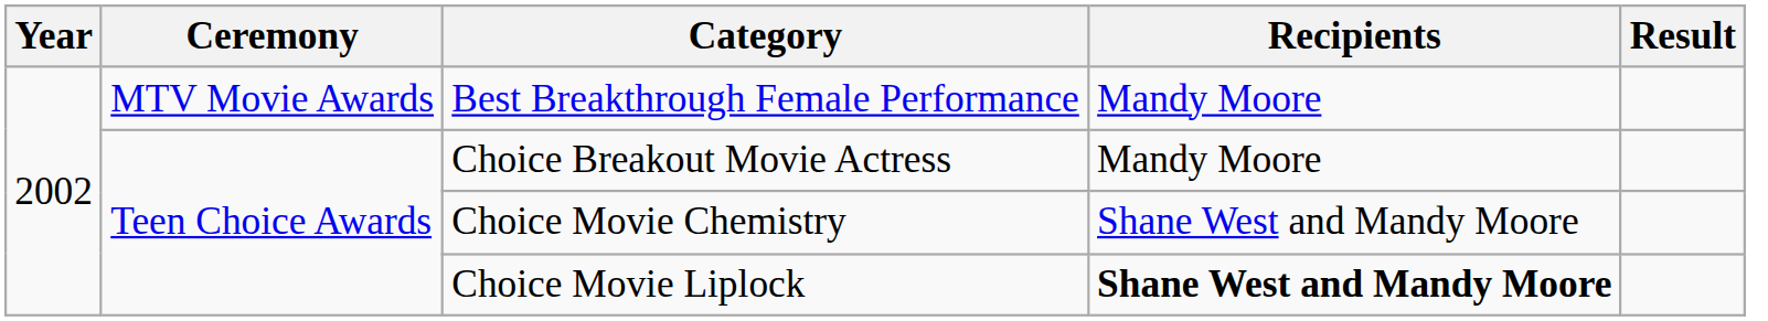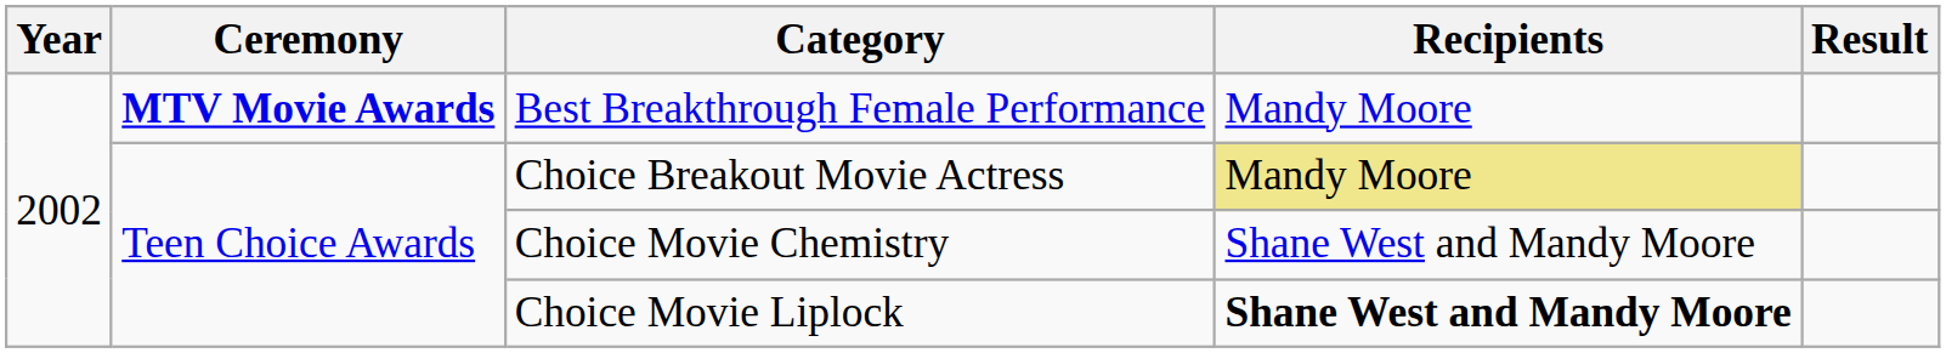 <table class="wikitable sortable plainrowheaders">
 <tr>
 <th align="left">Year</th>
 <th align="left">Ceremony</th>
 <th align="left">Category</th>
 <th align="left">Recipients</th>
 <th>Result</th>
 </tr>
 <tr>
 <td rowspan="4">2002</td>
-<td><a href='#'>MTV Movie Awards</a></td>
+<td><strong><a href='#'>MTV Movie Awards</a></strong></td>
 <td><a href='#'>Best Breakthrough Female Performance</a></td>
 <td><a href='#'>Mandy Moore</a></td>
 <td></td>
 </tr>
 <tr>
 <td rowspan="3"><a href='#'>Teen Choice Awards</a></td>
 <td>Choice Breakout Movie Actress</td>
-<td>Mandy Moore</td>
+<td style="background: khaki;">Mandy Moore</td>
 <td></td>
 </tr>
 <tr>
 <td>Choice Movie Chemistry</td>
 <td><a href='#'>Shane West</a> and Mandy Moore</td>
 <td></td>
 </tr>
 <tr>
 <td>Choice Movie Liplock</td>
 <td><strong>Shane West and Mandy Moore</strong></td>
 <td></td>
 </tr>
 </table>
